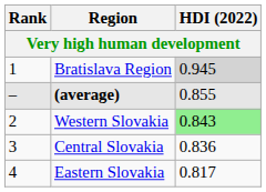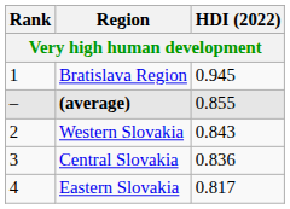 <table class="wikitable sortable">
 <tr>
 <th>Rank</th>
 <th>Region</th>
 <th>HDI (2022)</th>
 </tr>
 <tr>
 <th colspan="3" style="color:#090;">Very high human development</th>
 </tr>
 <tr>
 <td>1</td>
 <td style="text-align:left"><a href='#'>Bratislava Region</a></td>
-<td style="background: lightgrey;">0.945</td>
+<td>0.945</td>
 </tr>
 <tr style="background:#e6e6e6">
 <td>–</td>
 <td style="text-align:left"><strong></strong> <strong>(average)</strong></td>
 <td>0.855</td>
 </tr>
 <tr>
 <td>2</td>
 <td style="text-align:left"><a href='#'>Western Slovakia</a></td>
-<td style="background: lightgreen;">0.843</td>
+<td>0.843</td>
 </tr>
 <tr>
 <td>3</td>
 <td style="text-align:left"><a href='#'>Central Slovakia</a></td>
 <td>0.836</td>
 </tr>
 <tr>
 <td>4</td>
 <td style="text-align:left"><a href='#'>Eastern Slovakia</a></td>
 <td>0.817</td>
 </tr>
 </table>
